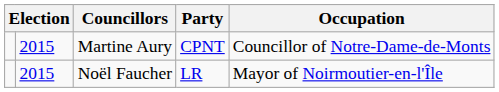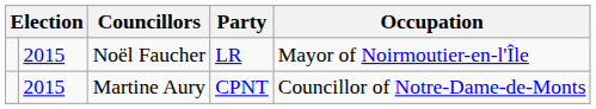 <table class="wikitable">
 <tr>
 <th colspan="2">Election</th>
 <th>Councillors</th>
 <th>Party</th>
 <th>Occupation</th>
 </tr>
 <tr>
 <td style="background-color: "></td>
 <td><a href='#'>2015</a></td>
+<td>Noël Faucher</td>
+<td><a href='#'>LR</a></td>
+<td>Mayor of <a href='#'>Noirmoutier-en-l'Île</a></td>
+</tr>
+<tr>
+<td style="background-color: "></td>
+<td><a href='#'>2015</a></td>
 <td>Martine Aury</td>
 <td><a href='#'>CPNT</a></td>
 <td>Councillor of <a href='#'>Notre-Dame-de-Monts</a></td>
 </tr>
-<tr>
-<td style="background-color: "></td>
-<td><a href='#'>2015</a></td>
-<td>Noël Faucher</td>
-<td><a href='#'>LR</a></td>
-<td>Mayor of <a href='#'>Noirmoutier-en-l'Île</a></td>
-</tr>
 </table>
